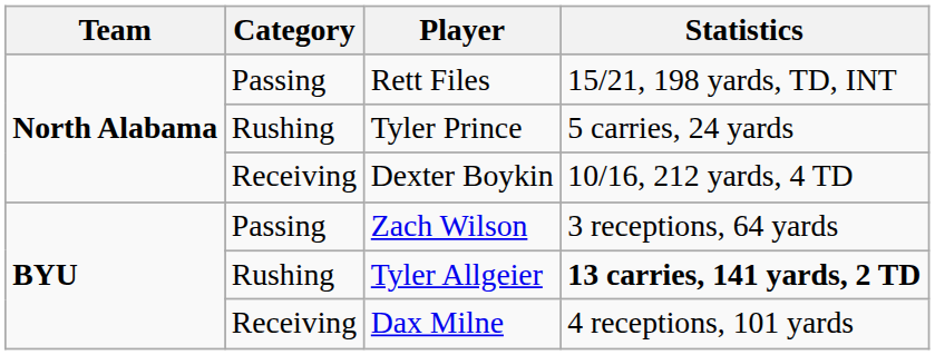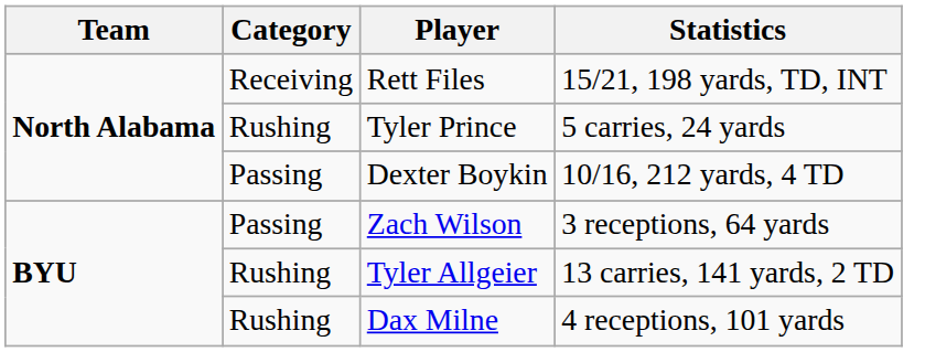 <table class="wikitable" style="float: left;">
 <tr>
 <th>Team</th>
 <th>Category</th>
 <th>Player</th>
 <th>Statistics</th>
 </tr>
 <tr>
 <td rowspan=3><strong>North Alabama</strong></td>
-<td>Passing</td>
+<td>Receiving</td>
 <td>Rett Files</td>
 <td>15/21, 198 yards, TD, INT</td>
 </tr>
 <tr>
 <td>Rushing</td>
 <td>Tyler Prince</td>
 <td>5 carries, 24 yards</td>
 </tr>
 <tr>
-<td>Receiving</td>
+<td>Passing</td>
 <td>Dexter Boykin</td>
 <td>10/16, 212 yards, 4 TD</td>
 </tr>
 <tr>
 <td rowspan=3><strong>BYU</strong></td>
 <td>Passing</td>
 <td><a href='#'>Zach Wilson</a></td>
 <td>3 receptions, 64 yards</td>
 </tr>
 <tr>
 <td>Rushing</td>
 <td><a href='#'>Tyler Allgeier</a></td>
-<td><strong>13 carries, 141 yards, 2 TD</strong></td>
+<td>13 carries, 141 yards, 2 TD</td>
 </tr>
 <tr>
-<td>Receiving</td>
+<td>Rushing</td>
 <td><a href='#'>Dax Milne</a></td>
 <td>4 receptions, 101 yards</td>
 </tr>
 </table>
